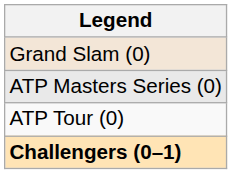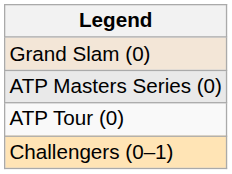 <table class=wikitable>
 <tr>
 <th>Legend</th>
 </tr>
 <tr bgcolor=#f3e6d7>
 <td>Grand Slam (0)</td>
 </tr>
 <tr bgcolor=#e9e9e9>
 <td>ATP Masters Series (0)</td>
 </tr>
 <tr>
 <td>ATP Tour (0)</td>
 </tr>
 <tr bgcolor=moccasin>
-<td><strong>Challengers (0–1)</strong></td>
+<td>Challengers (0–1)</td>
 </tr>
 </table>
